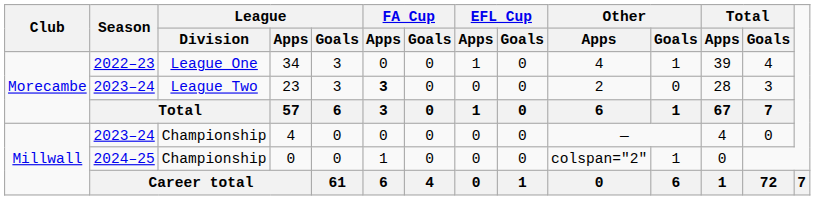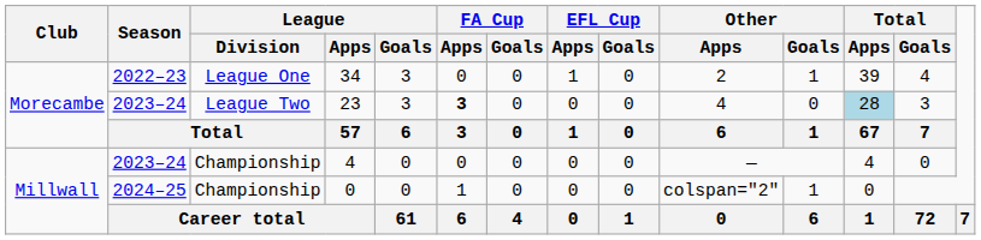 <table class="wikitable" style="text-align:center">
 <tr>
 <th rowspan="2">Club</th>
 <th rowspan="2">Season</th>
 <th colspan="3">League</th>
 <th colspan="2"><a href='#'>FA Cup</a></th>
 <th colspan="2"><a href='#'>EFL Cup</a></th>
 <th colspan="2">Other</th>
 <th colspan="2">Total</th>
 </tr>
 <tr>
 <th>Division</th>
 <th>Apps</th>
 <th>Goals</th>
 <th>Apps</th>
 <th>Goals</th>
 <th>Apps</th>
 <th>Goals</th>
 <th>Apps</th>
 <th>Goals</th>
 <th>Apps</th>
 <th>Goals</th>
 </tr>
 <tr>
 <td rowspan="3"><a href='#'>Morecambe</a></td>
 <td><a href='#'>2022–23</a></td>
 <td><a href='#'>League One</a></td>
 <td>34</td>
 <td>3</td>
 <td>0</td>
 <td>0</td>
 <td>1</td>
 <td>0</td>
-<td>4</td>
+<td>2</td>
 <td>1</td>
 <td>39</td>
 <td>4</td>
 </tr>
 <tr>
 <td><a href='#'>2023–24</a></td>
 <td><a href='#'>League Two</a></td>
 <td>23</td>
 <td>3</td>
 <td><strong>3</strong></td>
 <td>0</td>
 <td>0</td>
 <td>0</td>
-<td>2</td>
+<td>4</td>
 <td>0</td>
-<td>28</td>
+<td style="background: lightblue;">28</td>
 <td>3</td>
 </tr>
 <tr>
 <th colspan="2">Total</th>
 <th>57</th>
 <th>6</th>
 <th>3</th>
 <th>0</th>
 <th>1</th>
 <th>0</th>
 <th>6</th>
 <th>1</th>
 <th>67</th>
 <th>7</th>
 </tr>
 <tr>
 <td rowspan="3"><a href='#'>Millwall</a></td>
 <td><a href='#'>2023–24</a></td>
 <td>Championship</td>
 <td>4</td>
 <td>0</td>
 <td>0</td>
 <td>0</td>
 <td>0</td>
 <td>0</td>
 <td colspan="2">—</td>
 <td>4</td>
 <td>0</td>
 </tr>
 <tr>
 <td><a href='#'>2024–25</a></td>
 <td>Championship</td>
 <td>0</td>
 <td>0</td>
 <td>1</td>
 <td>0</td>
 <td>0</td>
 <td>0</td>
 <td>colspan="2"</td>
 <td>1</td>
 <td>0</td>
 </tr>
 <tr>
 <th colspan="3">Career total</th>
 <th>61</th>
 <th>6</th>
 <th>4</th>
 <th>0</th>
 <th>1</th>
 <th>0</th>
 <th>6</th>
 <th>1</th>
 <th>72</th>
 <th>7</th>
 </tr>
 </table>
